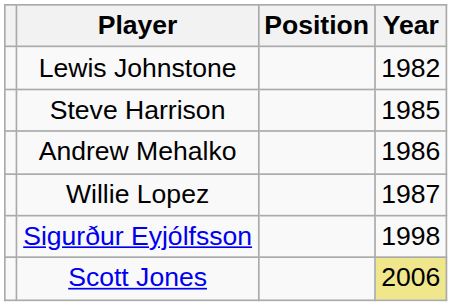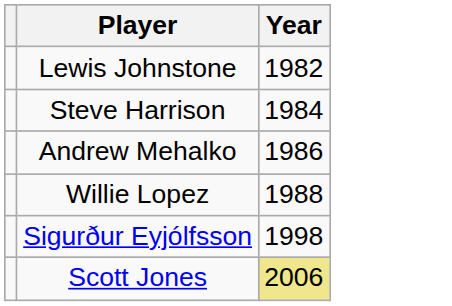 <table class="wikitable sortable" border="1">
 <tr align="center">
 <th></th>
 <th>Player</th>
-<th>Position</th>
 <th>Year</th>
 </tr>
 <tr style="text-align:center;">
 <td></td>
 <td>Lewis Johnstone</td>
-<td></td>
 <td>1982</td>
 </tr>
 <tr style="text-align:center;">
 <td></td>
 <td>Steve Harrison</td>
-<td></td>
-<td>1985</td>
+<td>1984</td>
 </tr>
 <tr style="text-align:center;">
 <td></td>
 <td>Andrew Mehalko</td>
-<td></td>
 <td>1986</td>
 </tr>
 <tr style="text-align:center;">
 <td></td>
 <td>Willie Lopez</td>
-<td></td>
-<td>1987</td>
+<td>1988</td>
 </tr>
 <tr style="text-align:center;">
 <td></td>
 <td><a href='#'>Sigurður Eyjólfsson</a></td>
-<td></td>
 <td>1998</td>
 </tr>
 <tr style="text-align:center;">
 <td></td>
 <td><a href='#'>Scott Jones</a></td>
-<td></td>
 <td style="background: khaki;">2006</td>
 </tr>
 </table>
